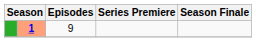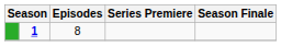 <table class="wikitable">
 <tr>
 <th colspan="2">Season</th>
 <th>Episodes</th>
 <th>Series Premiere</th>
 <th>Season Finale</th>
 </tr>
 <tr>
 <td style="background:#29AC29; height:5px;"></td>
-<td style="background: lightsalmon; text-align:center;"><strong><a href='#'>1</a></strong></td>
-<td style="text-align:center;">9</td>
+<td style="text-align:center;"><strong><a href='#'>1</a></strong></td>
+<td style="text-align:center;">8</td>
 <td style="text-align:center;"></td>
 <td style="text-align:center;"></td>
 </tr>
 <tr>
 </tr>
 </table>
